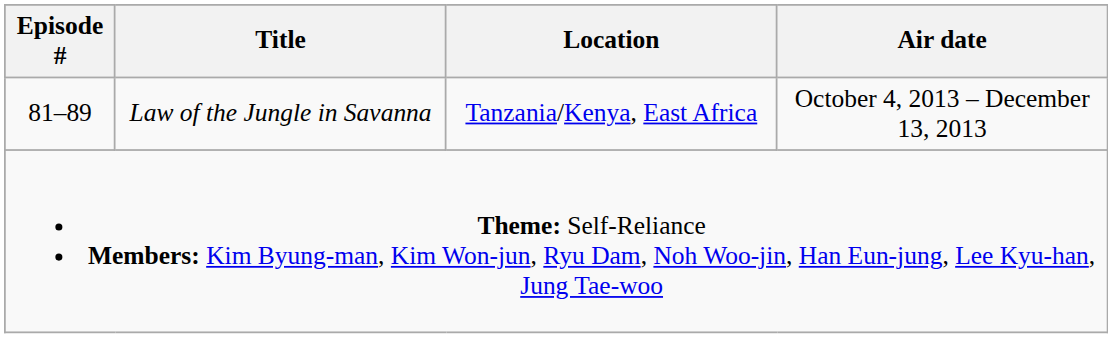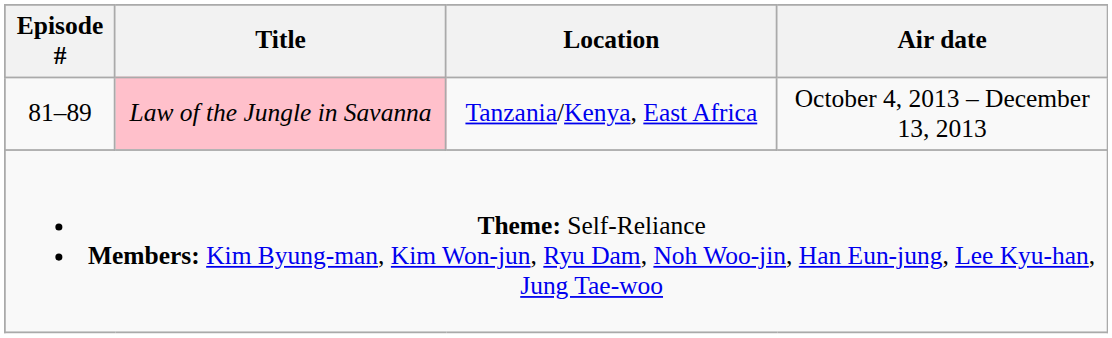 <table class="wikitable" style="text-align:center; font-size:90%; width:100%;">
 <tr>
 <th width="10%">Episode #</th>
 <th width="30%">Title</th>
 <th width="30%">Location</th>
 <th width="30%">Air date</th>
 </tr>
 <tr>
 <td>81–89</td>
-<td><em>Law of the Jungle in Savanna</em></td>
+<td style="background: pink;"><em>Law of the Jungle in Savanna</em></td>
 <td><a href='#'>Tanzania</a>/<a href='#'>Kenya</a>, <a href='#'>East Africa</a></td>
 <td>October 4, 2013 – December 13, 2013</td>
 </tr>
 <tr>
 <td colspan="4"><br><ul><li><strong>Theme:</strong> Self-Reliance</li><li><strong>Members:</strong> <a href='#'>Kim Byung-man</a>, <a href='#'>Kim Won-jun</a>, <a href='#'>Ryu Dam</a>, <a href='#'>Noh Woo-jin</a>, <a href='#'>Han Eun-jung</a>, <a href='#'>Lee Kyu-han</a>, <a href='#'>Jung Tae-woo</a></li></ul></td>
 </tr>
 </table>
